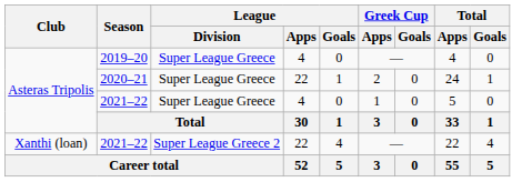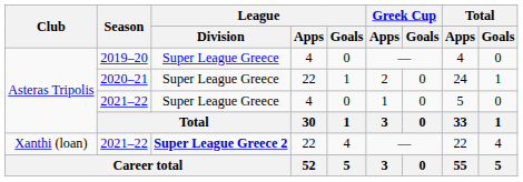 <table class="wikitable" style="text-align:center">
 <tr>
 <th rowspan="2">Club</th>
 <th rowspan="2">Season</th>
 <th colspan="3">League</th>
 <th colspan="2"><a href='#'>Greek Cup</a></th>
 <th colspan="2">Total</th>
 </tr>
 <tr>
 <th>Division</th>
 <th>Apps</th>
 <th>Goals</th>
 <th>Apps</th>
 <th>Goals</th>
 <th>Apps</th>
 <th>Goals</th>
 </tr>
 <tr>
 <td rowspan="4"><a href='#'>Asteras Tripolis</a></td>
 <td><a href='#'>2019–20</a></td>
 <td><a href='#'>Super League Greece</a></td>
 <td>4</td>
 <td>0</td>
 <td colspan="2">—</td>
 <td>4</td>
 <td>0</td>
 </tr>
 <tr>
 <td><a href='#'>2020–21</a></td>
 <td>Super League Greece</td>
 <td>22</td>
 <td>1</td>
 <td>2</td>
 <td>0</td>
 <td>24</td>
 <td>1</td>
 </tr>
 <tr>
 <td><a href='#'>2021–22</a></td>
 <td>Super League Greece</td>
 <td>4</td>
 <td>0</td>
 <td>1</td>
 <td>0</td>
 <td>5</td>
 <td>0</td>
 </tr>
 <tr>
 <th colspan="2">Total</th>
 <th>30</th>
 <th>1</th>
 <th>3</th>
 <th>0</th>
 <th>33</th>
 <th>1</th>
 </tr>
 <tr>
 <td><a href='#'>Xanthi</a> (loan)</td>
 <td><a href='#'>2021–22</a></td>
-<td><a href='#'>Super League Greece 2</a></td>
+<td><strong><a href='#'>Super League Greece 2</a></strong></td>
 <td>22</td>
 <td>4</td>
 <td colspan="2">—</td>
 <td>22</td>
 <td>4</td>
 </tr>
 <tr>
 <th colspan="3">Career total</th>
 <th>52</th>
 <th>5</th>
 <th>3</th>
 <th>0</th>
 <th>55</th>
 <th>5</th>
 </tr>
 </table>
